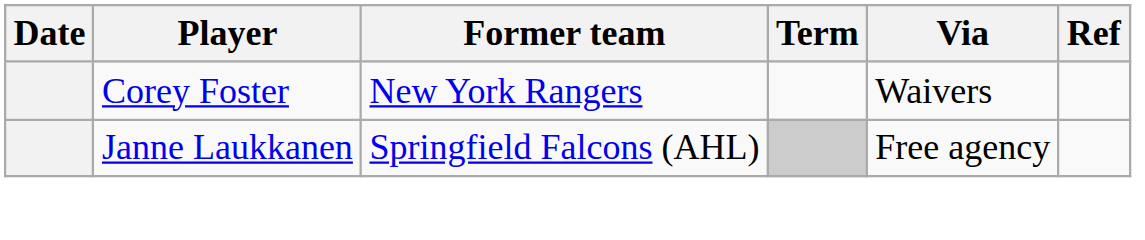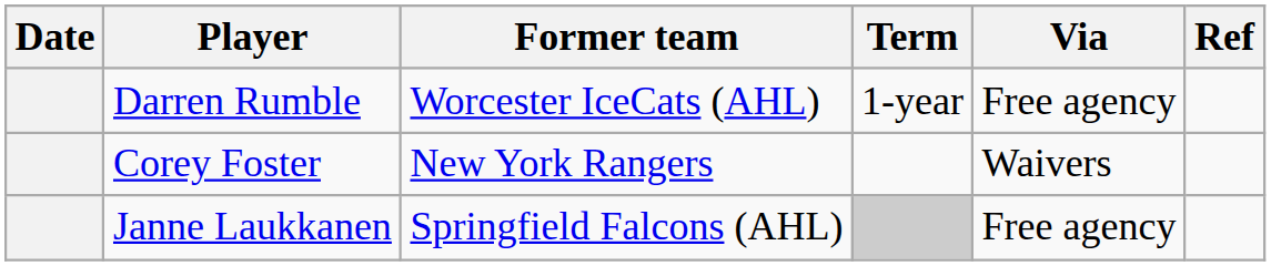 <table class="wikitable plainrowheaders">
 <tr style="background:#ddd; text-align:center;">
 <th>Date</th>
 <th>Player</th>
 <th>Former team</th>
 <th>Term</th>
 <th>Via</th>
 <th>Ref</th>
+</tr>
+<tr>
+<th scope="row"></th>
+<td><a href='#'>Darren Rumble</a></td>
+<td><a href='#'>Worcester IceCats</a> (<a href='#'>AHL</a>)</td>
+<td>1-year</td>
+<td>Free agency</td>
+<td></td>
 </tr>
 <tr>
 <th scope="row"></th>
 <td><a href='#'>Corey Foster</a></td>
 <td><a href='#'>New York Rangers</a></td>
 <td></td>
 <td>Waivers</td>
 <td></td>
 </tr>
 <tr>
 <th scope="row"></th>
 <td><a href='#'>Janne Laukkanen</a></td>
 <td><a href='#'>Springfield Falcons</a> (AHL)</td>
 <td style="background:#ccc"></td>
 <td>Free agency</td>
 <td></td>
 </tr>
 </table>
